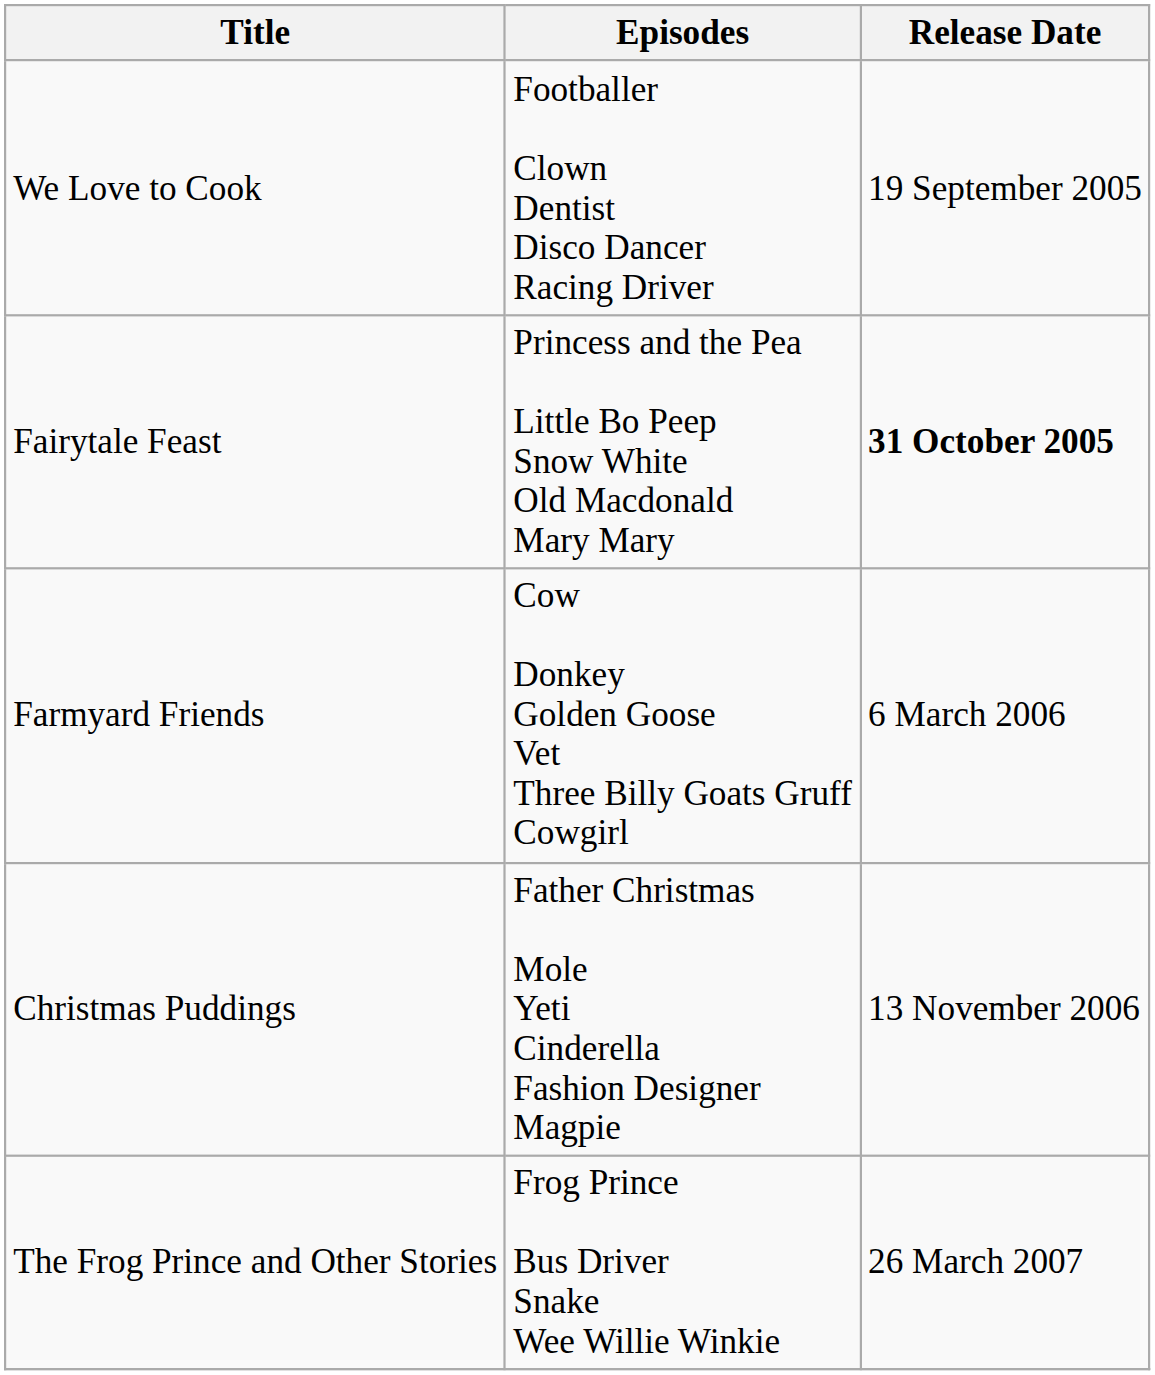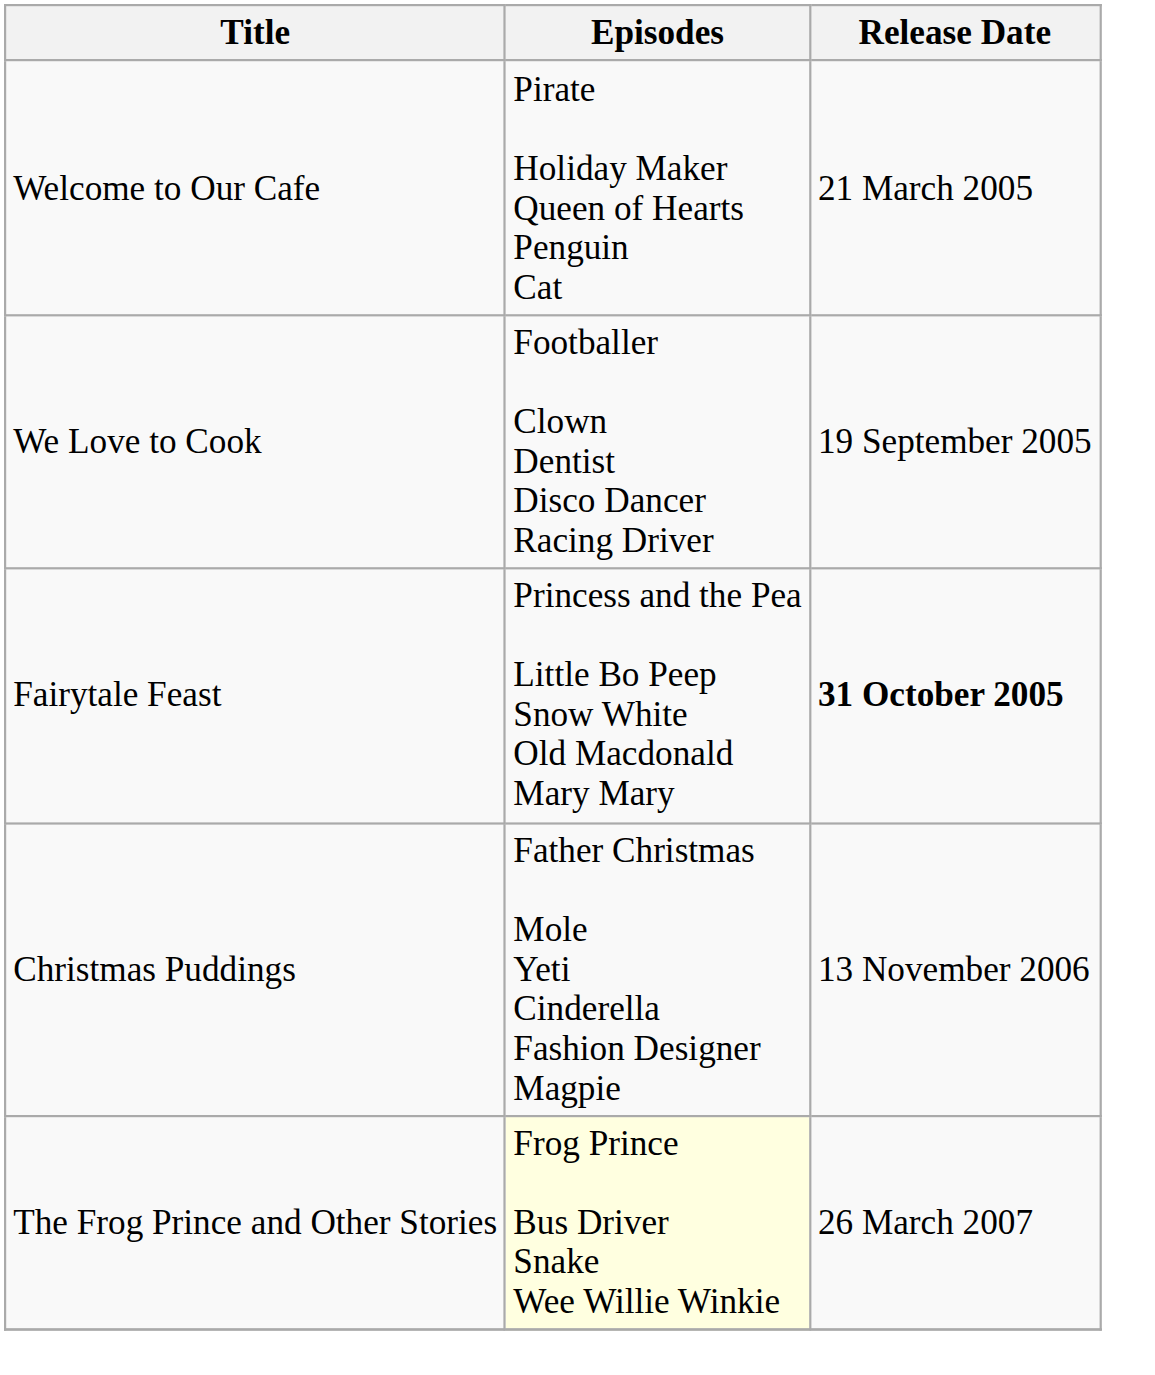 <table class="wikitable">
 <tr>
 <th>Title</th>
 <th>Episodes</th>
 <th>Release Date</th>
+</tr>
+<tr>
+<td>Welcome to Our Cafe</td>
+<td>Pirate<br><br>Holiday Maker<br> Queen of Hearts<br> Penguin<br> Cat</td>
+<td>21 March 2005</td>
 </tr>
 <tr>
 <td>We Love to Cook</td>
 <td>Footballer<br><br>Clown<br> Dentist<br> Disco Dancer<br> Racing Driver</td>
 <td>19 September 2005</td>
 </tr>
 <tr>
 <td>Fairytale Feast</td>
 <td>Princess and the Pea<br><br>Little Bo Peep<br> Snow White<br> Old Macdonald<br> Mary Mary</td>
 <td><strong>31 October 2005</strong></td>
 </tr>
 <tr>
-<td>Farmyard Friends</td>
-<td>Cow<br><br>Donkey<br> Golden Goose<br> Vet<br> Three Billy Goats Gruff<br> Cowgirl</td>
-<td>6 March 2006</td>
-</tr>
-<tr>
 <td>Christmas Puddings</td>
 <td>Father Christmas<br><br>Mole<br> Yeti<br> Cinderella<br> Fashion Designer<br> Magpie</td>
 <td>13 November 2006</td>
 </tr>
 <tr>
 <td>The Frog Prince and Other Stories</td>
-<td>Frog Prince<br><br>Bus Driver<br> Snake<br> Wee Willie Winkie</td>
+<td style="background: lightyellow;">Frog Prince<br><br>Bus Driver<br> Snake<br> Wee Willie Winkie</td>
 <td>26 March 2007</td>
 </tr>
 <tr>
 </tr>
 </table>
